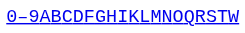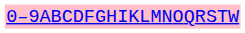 <table id="toc" class="toc" summary="Class">
 <tr>
 <th></th>
 </tr>
 <tr>
-<td style="text-align:center;"><a href='#'>0–9</a><a href='#'>A</a><a href='#'>B</a><a href='#'>C</a><a href='#'>D</a><a href='#'>F</a><a href='#'>G</a><a href='#'>H</a><a href='#'>I</a><a href='#'>K</a><a href='#'>L</a><a href='#'>M</a><a href='#'>N</a><a href='#'>O</a><a href='#'>Q</a><a href='#'>R</a><a href='#'>S</a><a href='#'>T</a><a href='#'>W</a></td>
+<td style="background: pink; text-align:center;"><a href='#'>0–9</a><a href='#'>A</a><a href='#'>B</a><a href='#'>C</a><a href='#'>D</a><a href='#'>F</a><a href='#'>G</a><a href='#'>H</a><a href='#'>I</a><a href='#'>K</a><a href='#'>L</a><a href='#'>M</a><a href='#'>N</a><a href='#'>O</a><a href='#'>Q</a><a href='#'>R</a><a href='#'>S</a><a href='#'>T</a><a href='#'>W</a></td>
 </tr>
 </table>
